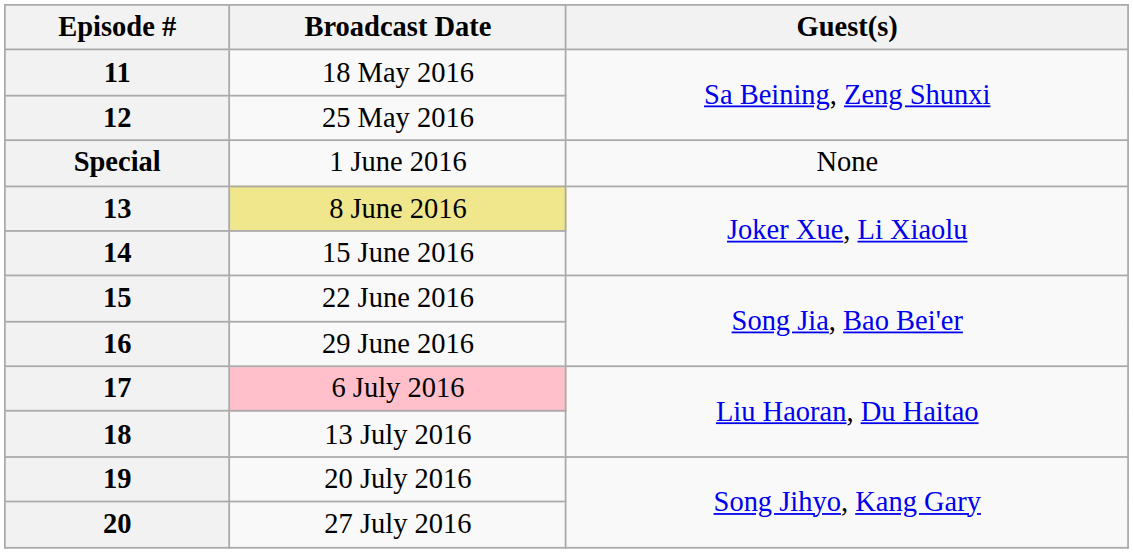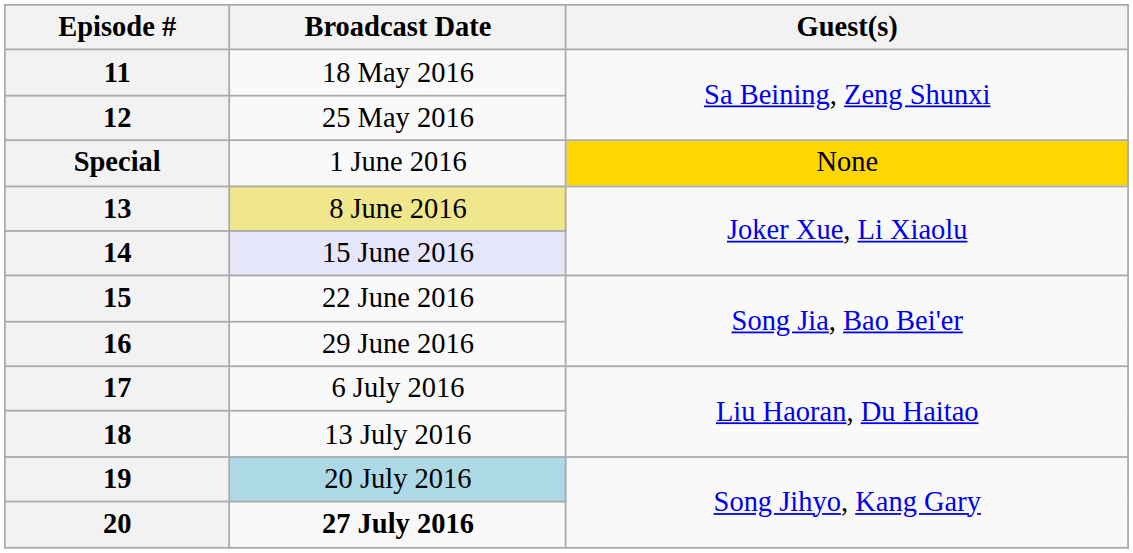 <table class="wikitable" style="text-align:center; width:50%">
 <tr>
 <th style="width:10%;”">Episode #</th>
 <th style="width:15%;”">Broadcast Date</th>
 <th style="width:25%;”">Guest(s)</th>
 </tr>
 <tr>
 <th>11</th>
 <td>18 May 2016</td>
 <td rowspan="2"><a href='#'>Sa Beining</a>, <a href='#'>Zeng Shunxi</a></td>
 </tr>
 <tr>
 <th>12</th>
 <td>25 May 2016</td>
 </tr>
 <tr>
 <th>Special</th>
 <td>1 June 2016</td>
-<td>None</td>
+<td style="background: gold;">None</td>
 </tr>
 <tr>
 <th>13</th>
 <td style="background: khaki;">8 June 2016</td>
 <td rowspan="2"><a href='#'>Joker Xue</a>, <a href='#'>Li Xiaolu</a></td>
 </tr>
 <tr>
 <th>14</th>
-<td>15 June 2016</td>
+<td style="background: lavender;">15 June 2016</td>
 </tr>
 <tr>
 <th>15</th>
 <td>22 June 2016</td>
 <td rowspan="2"><a href='#'>Song Jia</a>, <a href='#'>Bao Bei'er</a></td>
 </tr>
 <tr>
 <th>16</th>
 <td>29 June 2016</td>
 </tr>
 <tr>
 <th>17</th>
-<td style="background: pink;">6 July 2016</td>
+<td>6 July 2016</td>
 <td rowspan="2"><a href='#'>Liu Haoran</a>, <a href='#'>Du Haitao</a></td>
 </tr>
 <tr>
 <th>18</th>
 <td>13 July 2016</td>
 </tr>
 <tr>
 <th>19</th>
-<td>20 July 2016</td>
+<td style="background: lightblue;">20 July 2016</td>
 <td rowspan="2"> <a href='#'>Song Jihyo</a>,  <a href='#'>Kang Gary</a></td>
 </tr>
 <tr>
 <th>20</th>
-<td>27 July 2016</td>
+<td><strong>27 July 2016</strong></td>
 </tr>
 </table>
